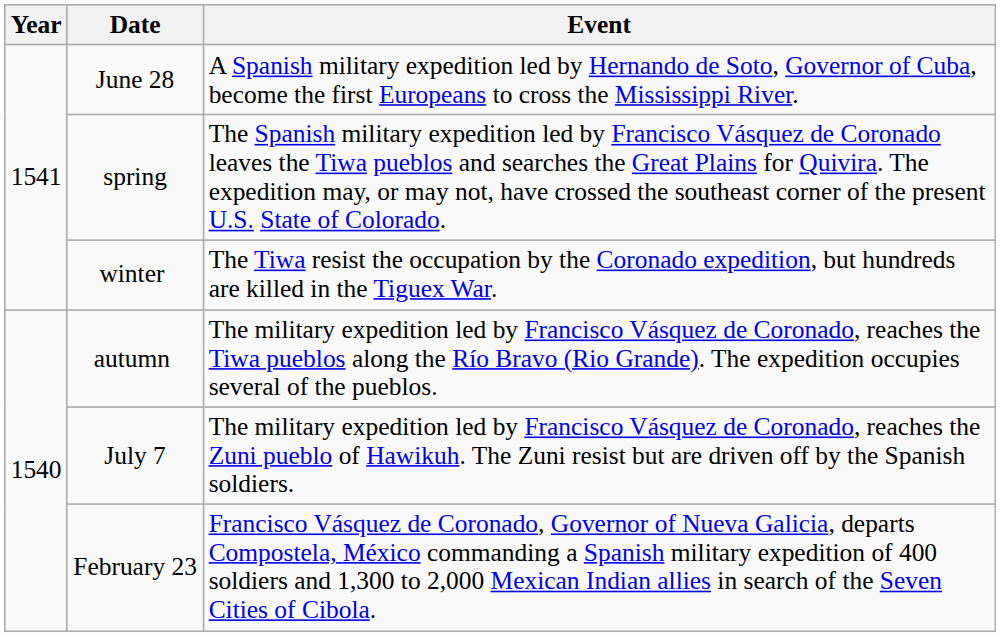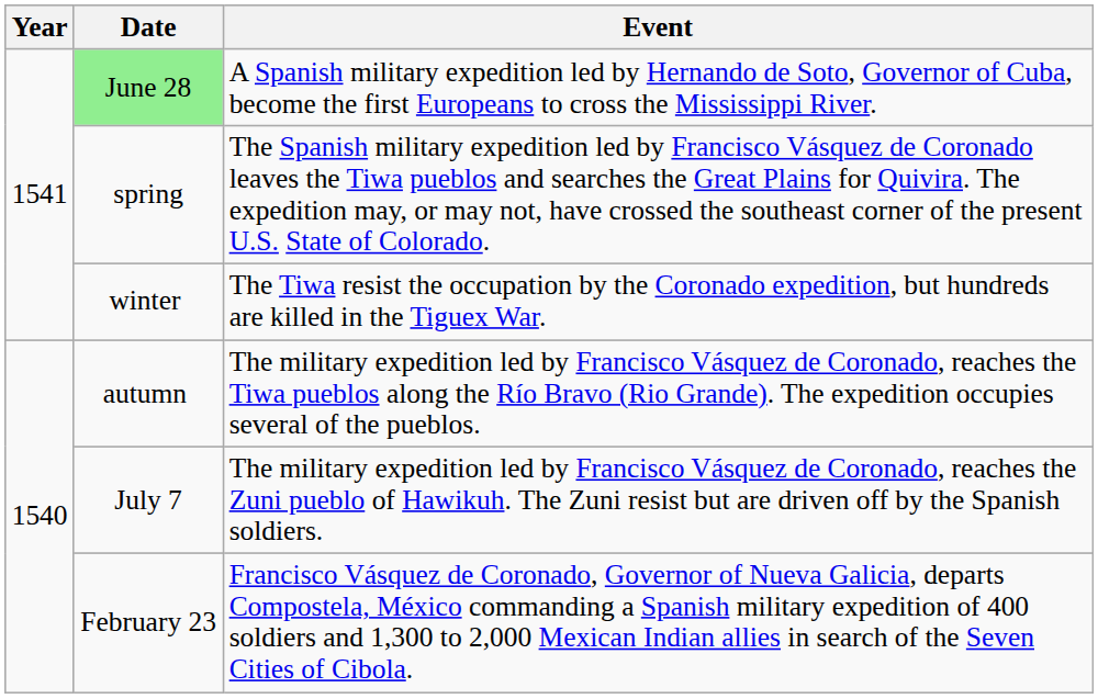 <table class="wikitable" style="width:100%;">
 <tr>
 <th style="width:6%">Year</th>
 <th style="width:8%">Date</th>
 <th style="width:86%">Event</th>
 </tr>
 <tr>
 <td align=center rowspan=3>1541</td>
-<td align=center>June 28</td>
+<td align=center style="background: lightgreen;">June 28</td>
 <td>A <a href='#'>Spanish</a> military expedition led by <a href='#'>Hernando de Soto</a>, <a href='#'>Governor of Cuba</a>, become the first <a href='#'>Europeans</a> to cross the <a href='#'>Mississippi River</a>.</td>
 </tr>
 <tr>
 <td align=center>spring</td>
 <td>The <a href='#'>Spanish</a> military expedition led by <a href='#'>Francisco Vásquez de Coronado</a> leaves the <a href='#'>Tiwa</a> <a href='#'>pueblos</a> and searches the <a href='#'>Great Plains</a> for <a href='#'>Quivira</a>. The expedition may, or may not, have crossed the southeast corner of the present <a href='#'>U.S.</a> <a href='#'>State of Colorado</a>.</td>
 </tr>
 <tr>
 <td align=center>winter </td>
 <td>The <a href='#'>Tiwa</a> resist the occupation by the <a href='#'>Coronado expedition</a>, but hundreds are killed in the <a href='#'>Tiguex War</a>.</td>
 </tr>
 <tr>
 <td align=center rowspan=3>1540</td>
 <td align=center>autumn </td>
 <td>The military expedition led by <a href='#'>Francisco Vásquez de Coronado</a>, reaches the <a href='#'>Tiwa pueblos</a> along the <a href='#'>Río Bravo (Rio Grande)</a>. The expedition occupies several of the pueblos.</td>
 </tr>
 <tr>
 <td align=center>July 7</td>
 <td>The military expedition led by <a href='#'>Francisco Vásquez de Coronado</a>, reaches the <a href='#'>Zuni pueblo</a> of <a href='#'>Hawikuh</a>. The Zuni resist but are driven off by the Spanish soldiers.</td>
 </tr>
 <tr>
 <td align=center>February 23</td>
 <td><a href='#'>Francisco Vásquez de Coronado</a>, <a href='#'>Governor of Nueva Galicia</a>, departs <a href='#'>Compostela, México</a> commanding a <a href='#'>Spanish</a> military expedition of 400 soldiers and 1,300 to 2,000 <a href='#'>Mexican Indian allies</a> in search of the <a href='#'>Seven Cities of Cibola</a>.</td>
 </tr>
 </table>
